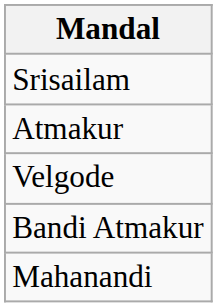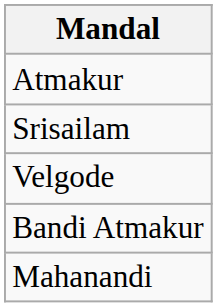 <table class="wikitable sortable static-row-numbers static-row-header-hash">
 <tr>
 <th>Mandal</th>
 </tr>
 <tr>
-<td>Srisailam</td>
+<td>Atmakur</td>
 </tr>
 <tr>
-<td>Atmakur</td>
+<td>Srisailam</td>
 </tr>
 <tr>
 <td>Velgode</td>
 </tr>
 <tr>
 <td>Bandi Atmakur</td>
 </tr>
 <tr>
 <td>Mahanandi</td>
 </tr>
 </table>
